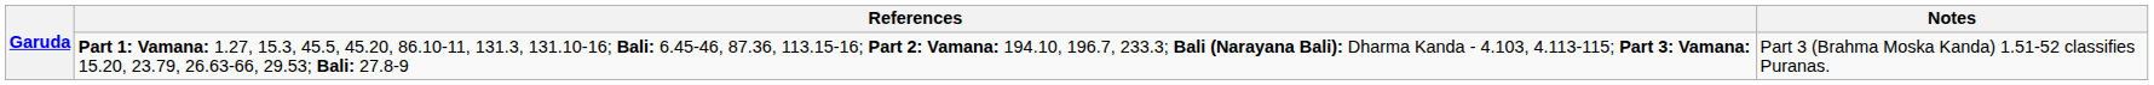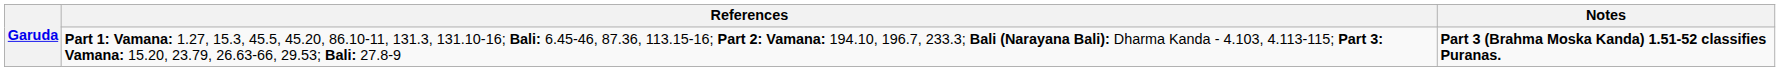 <table class="wikitable">
 <tr>
 <th rowspan="2"><a href='#'>Garuda</a></th>
 <th>References</th>
 <th>Notes</th>
 </tr>
 <tr>
 <td><strong>Part 1:</strong> <strong>Vamana:</strong> 1.27, 15.3, 45.5, 45.20, 86.10-11, 131.3, 131.10-16; <strong>Bali:</strong> 6.45-46, 87.36, 113.15-16; <strong>Part 2:</strong> <strong>Vamana:</strong> 194.10, 196.7, 233.3; <strong>Bali (Narayana Bali):</strong> Dharma Kanda - 4.103, 4.113-115; <strong>Part 3:</strong> <strong>Vamana:</strong> 15.20, 23.79, 26.63-66, 29.53; <strong>Bali:</strong> 27.8-9</td>
-<td>Part 3 (Brahma Moska Kanda) 1.51-52 classifies Puranas.</td>
+<td><strong>Part 3 (Brahma Moska Kanda) 1.51-52 classifies Puranas.</strong></td>
 </tr>
 </table>
